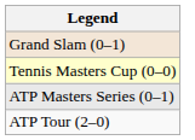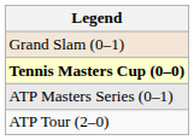 <table class=wikitable style=font-size:92%>
 <tr bgcolor="#eeeeee">
 <th>Legend</th>
 </tr>
 <tr style="background:#f3e6d7;">
 <td>Grand Slam (0–1)</td>
 </tr>
 <tr style="background:#ffc;">
-<td>Tennis Masters Cup (0–0)</td>
+<td><strong>Tennis Masters Cup (0–0)</strong></td>
 </tr>
 <tr style="background:#e9e9e9;">
 <td>ATP Masters Series (0–1)</td>
 </tr>
 <tr>
 <td>ATP Tour (2–0)</td>
 </tr>
 </table>
